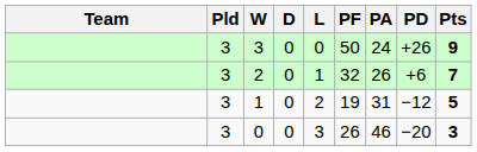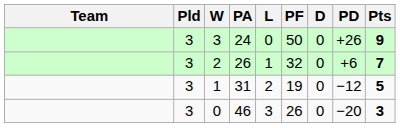 <table class="wikitable" style="text-align:center;">
 <tr>
 <th width=175>Team</th>
 <th width=20 abbr="Played">Pld</th>
 <th width=20 abbr="Won">W</th>
-<th width=20 abbr="Drawn">D</th>
+<th width=20 abbr="Points against">PA</th>
 <th width=20 abbr="Lost">L</th>
 <th width=20 abbr="Points for">PF</th>
-<th width=20 abbr="Points against">PA</th>
+<th width=20 abbr="Drawn">D</th>
 <th width=25 abbr="Points difference">PD</th>
 <th width=20 abbr="Points">Pts</th>
 </tr>
 <tr bgcolor=ccffcc>
 <td align=left></td>
 <td>3</td>
 <td>3</td>
-<td>0</td>
+<td>24</td>
 <td>0</td>
 <td>50</td>
-<td>24</td>
+<td>0</td>
 <td>+26</td>
 <td><strong>9</strong></td>
 </tr>
 <tr bgcolor=ccffcc>
 <td align=left></td>
 <td>3</td>
 <td>2</td>
-<td>0</td>
+<td>26</td>
 <td>1</td>
 <td>32</td>
-<td>26</td>
+<td>0</td>
 <td>+6</td>
 <td><strong>7</strong></td>
 </tr>
 <tr>
 <td align=left></td>
 <td>3</td>
 <td>1</td>
-<td>0</td>
+<td>31</td>
 <td>2</td>
 <td>19</td>
-<td>31</td>
+<td>0</td>
 <td>−12</td>
 <td><strong>5</strong></td>
 </tr>
 <tr>
 <td align=left></td>
 <td>3</td>
 <td>0</td>
-<td>0</td>
+<td>46</td>
 <td>3</td>
 <td>26</td>
-<td>46</td>
+<td>0</td>
 <td>−20</td>
 <td><strong>3</strong></td>
 </tr>
 </table>
